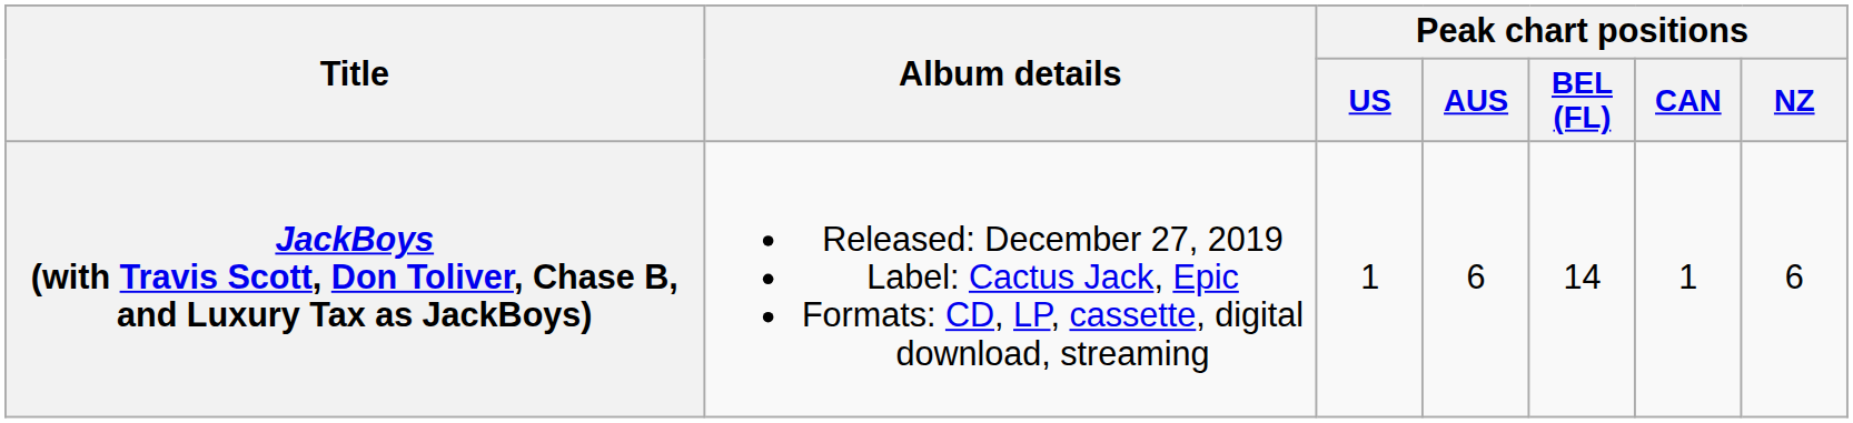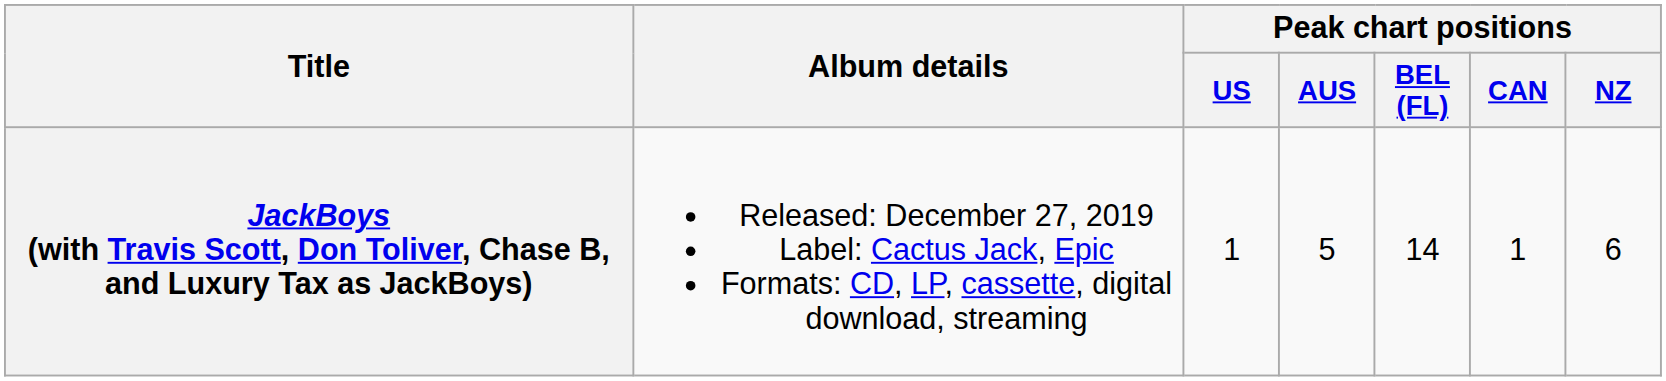 <table class="wikitable plainrowheaders" style="text-align:center">
 <tr>
 <th rowspan="2">Title</th>
 <th rowspan="2">Album details</th>
 <th colspan="5">Peak chart positions</th>
 </tr>
 <tr>
 <th style="width:3em; font-size:90%"><a href='#'>US</a><br></th>
 <th style="width:3em; font-size:90%"><a href='#'>AUS</a><br></th>
 <th style="width:3em; font-size:90%"><a href='#'>BEL<br>(FL)</a><br></th>
 <th style="width:3em; font-size:90%"><a href='#'>CAN</a><br></th>
 <th style="width:3em; font-size:90%"><a href='#'>NZ</a><br></th>
 </tr>
 <tr>
 <th scope="row"><em><a href='#'>JackBoys</a></em><br><span>(with <a href='#'>Travis Scott</a>, <a href='#'>Don Toliver</a>, Chase B, and Luxury Tax as JackBoys)</span></th>
 <td><br><ul><li>Released: December 27, 2019</li><li>Label: <a href='#'>Cactus Jack</a>, <a href='#'>Epic</a></li><li>Formats: <a href='#'>CD</a>, <a href='#'>LP</a>, <a href='#'>cassette</a>, digital download, streaming</li></ul></td>
 <td>1</td>
-<td>6</td>
+<td>5</td>
 <td>14</td>
 <td>1</td>
 <td>6</td>
 </tr>
 </table>
